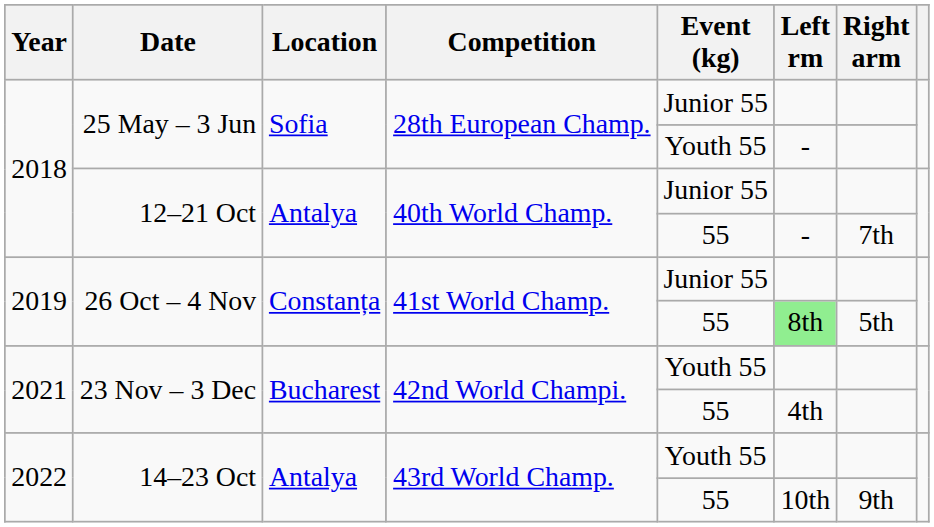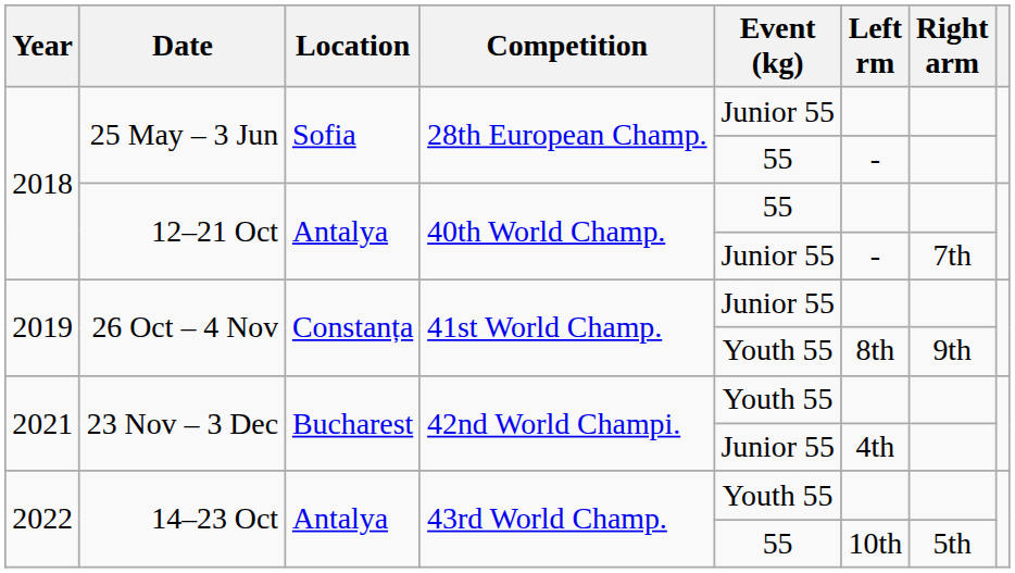 <table class=wikitable>
 <tr>
 <th>Year</th>
 <th>Date</th>
 <th>Location</th>
 <th>Competition</th>
 <th>Event<br>(kg)</th>
 <th>Left<br>rm</th>
 <th>Right<br>arm</th>
 <th></th>
 </tr>
 <tr>
 <td rowspan=4>2018</td>
 <td rowspan=2 align=right>25 May – 3 Jun</td>
 <td rowspan=2> <a href='#'>Sofia</a></td>
 <td rowspan=2><a href='#'>28th European Champ.</a></td>
 <td align=center>Junior 55</td>
 <td align=center></td>
 <td align=center></td>
 <td rowspan=2></td>
 </tr>
 <tr>
-<td align=center>Youth 55</td>
+<td align=center>55</td>
 <td align=center>-</td>
 <td align=center></td>
 </tr>
 <tr>
 <td rowspan=2 align=right>12–21 Oct</td>
 <td rowspan=2> <a href='#'>Antalya</a></td>
 <td rowspan=2><a href='#'>40th World Champ.</a></td>
-<td align=center>Junior 55</td>
+<td align=center>55</td>
 <td align=center></td>
 <td align=center></td>
 <td rowspan=2></td>
 </tr>
 <tr>
-<td align=center>55</td>
+<td align=center>Junior 55</td>
 <td align=center>-</td>
 <td align=center>7th</td>
 </tr>
 <tr>
 <td rowspan=2>2019</td>
 <td rowspan=2 align=right>26 Oct – 4 Nov</td>
 <td rowspan=2> <a href='#'>Constanța</a></td>
 <td rowspan=2><a href='#'>41st World Champ.</a></td>
 <td align=center>Junior 55</td>
 <td align=center></td>
 <td align=center></td>
 <td rowspan=2></td>
 </tr>
 <tr>
-<td align=center>55</td>
-<td align=center style="background: lightgreen;">8th</td>
-<td align=center>5th</td>
+<td align=center>Youth 55</td>
+<td align=center>8th</td>
+<td align=center>9th</td>
 </tr>
 <tr>
 <td rowspan=2>2021</td>
 <td rowspan=2 align=right>23 Nov – 3 Dec</td>
 <td rowspan=2> <a href='#'>Bucharest</a></td>
 <td rowspan=2><a href='#'>42nd World Champi.</a></td>
 <td align=center>Youth 55</td>
 <td align=center></td>
 <td align=center></td>
 <td rowspan=2></td>
 </tr>
 <tr>
-<td align=center>55</td>
+<td align=center>Junior 55</td>
 <td align=center>4th</td>
 <td align=center></td>
 </tr>
 <tr>
 <td rowspan=2>2022</td>
 <td rowspan=2 align=right>14–23 Oct</td>
 <td rowspan=2> <a href='#'>Antalya</a></td>
 <td rowspan=2><a href='#'>43rd World Champ.</a></td>
 <td align=center>Youth 55</td>
 <td align=center></td>
 <td align=center></td>
 <td rowspan=2></td>
 </tr>
 <tr>
 <td align=center>55</td>
 <td align=center>10th</td>
-<td align=center>9th</td>
+<td align=center>5th</td>
 </tr>
 </table>
